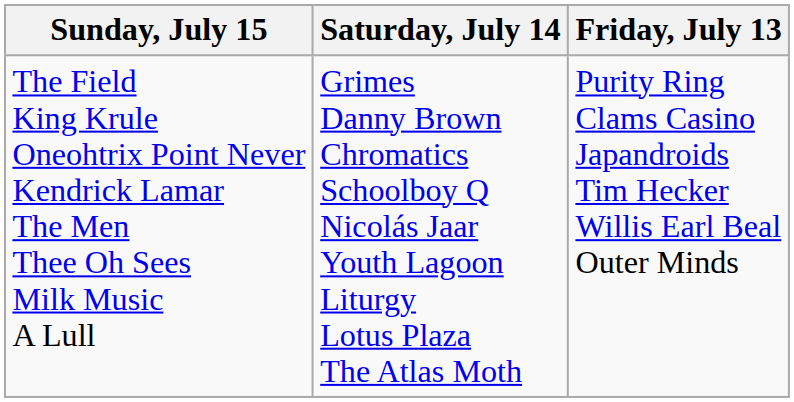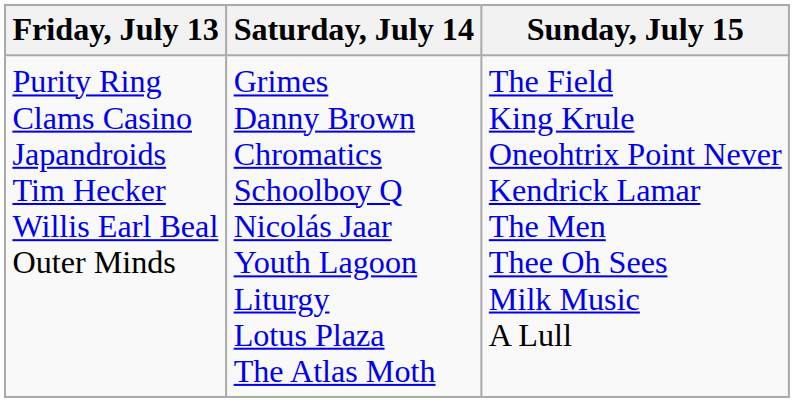 <table class="wikitable">
 <tr>
+<th>Friday, July 13</th>
+<th>Saturday, July 14</th>
 <th>Sunday, July 15</th>
-<th>Saturday, July 14</th>
-<th>Friday, July 13</th>
 </tr>
 <tr valign="top">
+<td><a href='#'>Purity Ring</a><br><a href='#'>Clams Casino</a><br><a href='#'>Japandroids</a><br><a href='#'>Tim Hecker</a><br><a href='#'>Willis Earl Beal</a><br>Outer Minds</td>
+<td><a href='#'>Grimes</a><br><a href='#'>Danny Brown</a><br><a href='#'>Chromatics</a><br><a href='#'>Schoolboy Q</a><br><a href='#'>Nicolás Jaar</a><br><a href='#'>Youth Lagoon</a><br><a href='#'>Liturgy</a><br><a href='#'>Lotus Plaza</a><br><a href='#'>The Atlas Moth</a></td>
 <td><a href='#'>The Field</a><br><a href='#'>King Krule</a><br><a href='#'>Oneohtrix Point Never</a><br><a href='#'>Kendrick Lamar</a><br><a href='#'>The Men</a><br><a href='#'>Thee Oh Sees</a><br><a href='#'>Milk Music</a><br>A Lull</td>
-<td><a href='#'>Grimes</a><br><a href='#'>Danny Brown</a><br><a href='#'>Chromatics</a><br><a href='#'>Schoolboy Q</a><br><a href='#'>Nicolás Jaar</a><br><a href='#'>Youth Lagoon</a><br><a href='#'>Liturgy</a><br><a href='#'>Lotus Plaza</a><br><a href='#'>The Atlas Moth</a></td>
-<td><a href='#'>Purity Ring</a><br><a href='#'>Clams Casino</a><br><a href='#'>Japandroids</a><br><a href='#'>Tim Hecker</a><br><a href='#'>Willis Earl Beal</a><br>Outer Minds</td>
 </tr>
 </table>
